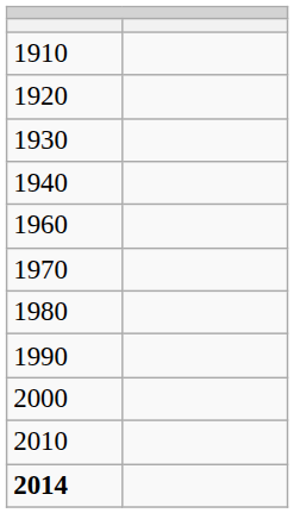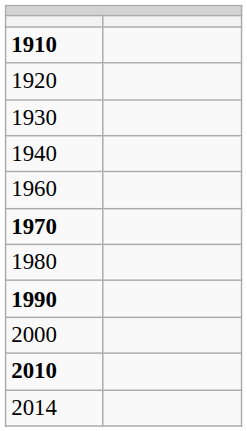 <table class="wikitable infobox">
 <tr>
 <td colspan="2" style="background:#D3D3D3; color:black"></td>
 </tr>
 <tr>
 <th style="width: 60px"></th>
 <th style="width: 90px"></th>
 </tr>
 <tr>
-<td>1910</td>
+<td><strong>1910</strong></td>
 <td></td>
 </tr>
 <tr>
 <td>1920</td>
 <td></td>
 </tr>
 <tr>
 <td>1930</td>
 <td></td>
 </tr>
 <tr>
 <td>1940</td>
 <td></td>
 </tr>
 <tr>
 <td>1960</td>
 <td></td>
 </tr>
 <tr>
-<td>1970</td>
+<td><strong>1970</strong></td>
 <td></td>
 </tr>
 <tr>
 <td>1980</td>
 <td></td>
 </tr>
 <tr>
-<td>1990</td>
+<td><strong>1990</strong></td>
 <td></td>
 </tr>
 <tr>
 <td>2000</td>
 <td></td>
 </tr>
 <tr>
-<td>2010</td>
+<td><strong>2010</strong></td>
 <td></td>
 </tr>
 <tr>
-<td><strong>2014</strong></td>
+<td>2014</td>
 <td></td>
 </tr>
 </table>
